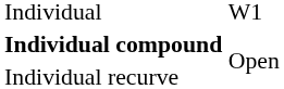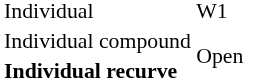 <table>
 <tr>
 <td rowspan="1">Individual<br></td>
 <td>W1</td>
 <td></td>
 <td></td>
 <td></td>
 </tr>
 <tr>
-<td rowspan="1"><strong>Individual compound<br></strong></td>
+<td rowspan="1">Individual compound<br></td>
 <td rowspan="2">Open</td>
 <td></td>
 <td></td>
 <td></td>
 </tr>
 <tr>
-<td rowspan="1">Individual recurve<br></td>
+<td rowspan="1"><strong>Individual recurve<br></strong></td>
 <td></td>
 <td></td>
 <td></td>
 </tr>
 </table>
